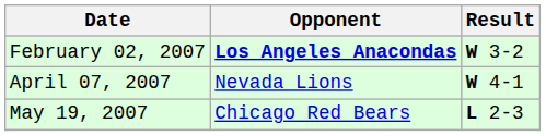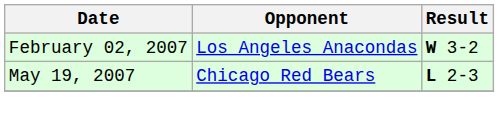 <table class="wikitable">
 <tr>
 <th>Date</th>
 <th>Opponent</th>
 <th>Result</th>
 </tr>
 <tr style="background: #ddffdd;">
 <td>February 02, 2007</td>
-<td><strong><a href='#'>Los Angeles Anacondas</a></strong></td>
+<td><a href='#'>Los Angeles Anacondas</a></td>
 <td><strong>W</strong> 3-2</td>
-</tr>
-<tr style="background: #ddffdd;">
-<td>April 07, 2007</td>
-<td><a href='#'>Nevada Lions</a></td>
-<td><strong>W</strong> 4-1</td>
 </tr>
 <tr style="background: #ddffdd;">
 <td>May 19, 2007</td>
 <td><a href='#'>Chicago Red Bears</a></td>
 <td><strong>L</strong> 2-3</td>
 </tr>
 <tr style="background: #ddffdd;">
 </tr>
 </table>
